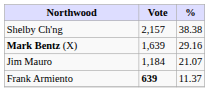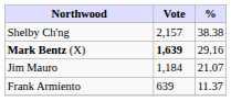 <table class="wikitable">
 <tr>
 <th style="background:#ddf; width:200px;">Northwood </th>
 <th style="background:#ddf; width:50px;">Vote</th>
 <th style="background:#ddf; width:30px;">%</th>
 </tr>
 <tr>
 <td>Shelby Ch'ng</td>
 <td>2,157</td>
 <td>38.38</td>
 </tr>
 <tr>
 <td><strong>Mark Bentz</strong> (X)</td>
-<td>1,639</td>
+<td><strong>1,639</strong></td>
 <td>29.16</td>
 </tr>
 <tr>
 <td>Jim Mauro</td>
 <td>1,184</td>
 <td>21.07</td>
 </tr>
 <tr>
 <td>Frank Armiento</td>
-<td><strong>639</strong></td>
+<td>639</td>
 <td>11.37</td>
 </tr>
 <tr>
 </tr>
 </table>
